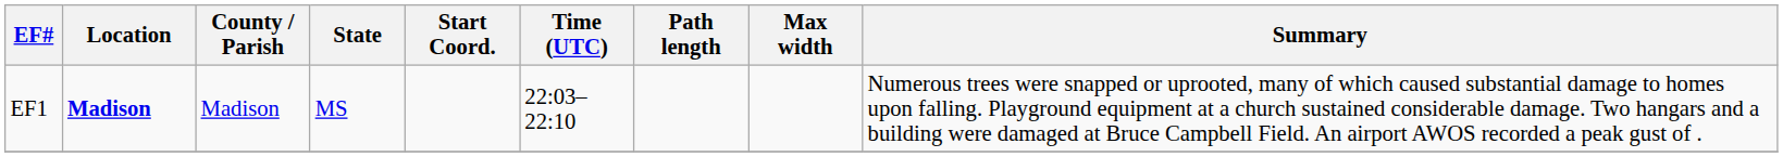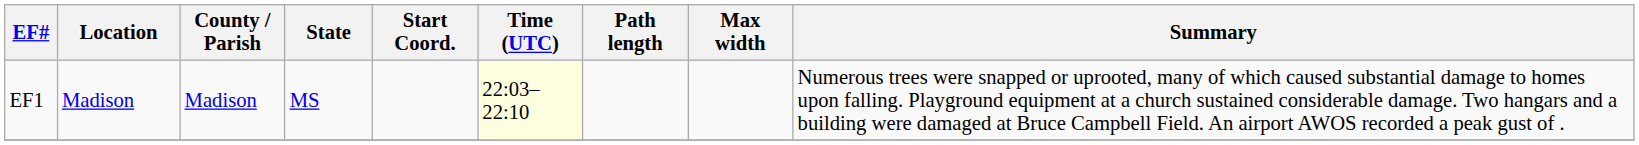 <table class="wikitable sortable" style="width:100%;">
 <tr>
 <th scope="col" style="width:3%; text-align:center;"><a href='#'>EF#</a></th>
 <th scope="col" style="width:7%; text-align:center;" class="unsortable">Location</th>
 <th scope="col" style="width:6%; text-align:center;" class="unsortable">County / Parish</th>
 <th scope="col" style="width:5%; text-align:center;">State</th>
 <th scope="col" style="width:6%; text-align:center;">Start Coord.</th>
 <th scope="col" style="width:6%; text-align:center;">Time (<a href='#'>UTC</a>)</th>
 <th scope="col" style="width:6%; text-align:center;">Path length</th>
 <th scope="col" style="width:6%; text-align:center;">Max width</th>
 <th scope="col" class="unsortable" style="width:48%; text-align:center;">Summary</th>
 </tr>
 <tr>
 <td bgcolor=>EF1</td>
-<td><strong><a href='#'>Madison</a></strong></td>
+<td><a href='#'>Madison</a></td>
 <td><a href='#'>Madison</a></td>
 <td><a href='#'>MS</a></td>
 <td></td>
-<td>22:03–22:10</td>
+<td style="background: lightyellow;">22:03–22:10</td>
 <td></td>
 <td></td>
 <td>Numerous trees were snapped or uprooted, many of which caused substantial damage to homes upon falling. Playground equipment at a church sustained considerable damage. Two hangars and a building were damaged at Bruce Campbell Field. An airport AWOS recorded a peak gust of .</td>
 </tr>
 <tr>
 </tr>
 </table>
